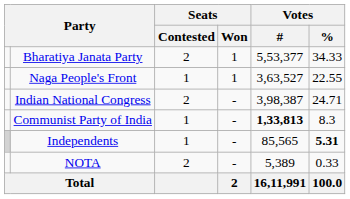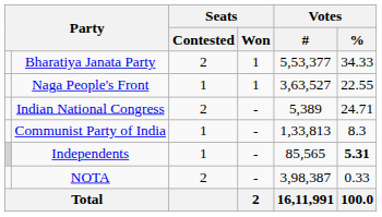 <table class="wikitable" style="text-align: center">
 <tr>
 <th rowspan=2 colspan=2>Party</th>
 <th colspan=2>Seats</th>
 <th colspan=2>Votes</th>
 </tr>
 <tr>
 <th>Contested</th>
 <th>Won</th>
 <th>#</th>
 <th>%</th>
 </tr>
 <tr>
 <td style="background:"></td>
 <td><a href='#'>Bharatiya Janata Party</a></td>
 <td>2</td>
 <td>1</td>
 <td>5,53,377</td>
 <td>34.33</td>
 </tr>
 <tr>
 <td style="background:"></td>
 <td><a href='#'>Naga People's Front</a></td>
 <td>1</td>
 <td>1</td>
 <td>3,63,527</td>
 <td>22.55</td>
 </tr>
 <tr>
 <td style="background:"></td>
 <td><a href='#'>Indian National Congress</a></td>
 <td>2</td>
 <td>-</td>
-<td>3,98,387</td>
+<td>5,389</td>
 <td>24.71</td>
 </tr>
 <tr>
 <td style="background:"></td>
 <td><a href='#'>Communist Party of India</a></td>
 <td>1</td>
 <td>-</td>
-<td><strong>1,33,813</strong></td>
+<td>1,33,813</td>
 <td>8.3</td>
 </tr>
 <tr>
 <td Bgcolor=lightgray></td>
 <td><a href='#'>Independents</a></td>
 <td>1</td>
 <td>-</td>
 <td>85,565</td>
 <td><strong>5.31</strong></td>
 </tr>
 <tr>
 <td></td>
 <td><a href='#'>NOTA</a></td>
 <td>2</td>
 <td>-</td>
-<td>5,389</td>
+<td>3,98,387</td>
 <td>0.33</td>
 </tr>
 <tr>
 <th colspan=2>Total</th>
 <th></th>
 <th>2</th>
 <th>16,11,991</th>
 <th>100.0</th>
 </tr>
 </table>
